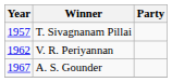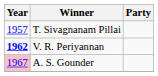 <table class="wikitable sortable">
 <tr>
 <th>Year</th>
 <th>Winner</th>
 <th colspan="2">Party</th>
 </tr>
 <tr>
 <td><a href='#'>1957</a></td>
 <td>T. Sivagnanam Pillai</td>
 <td></td>
 </tr>
 <tr>
-<td><a href='#'>1962</a></td>
+<td><strong><a href='#'>1962</a></strong></td>
 <td>V. R. Periyannan</td>
 <td></td>
 </tr>
 <tr>
-<td><a href='#'>1967</a></td>
+<td style="background: pink;"><a href='#'>1967</a></td>
 <td>A. S. Gounder</td>
 <td></td>
 </tr>
 <tr>
 </tr>
 </table>
